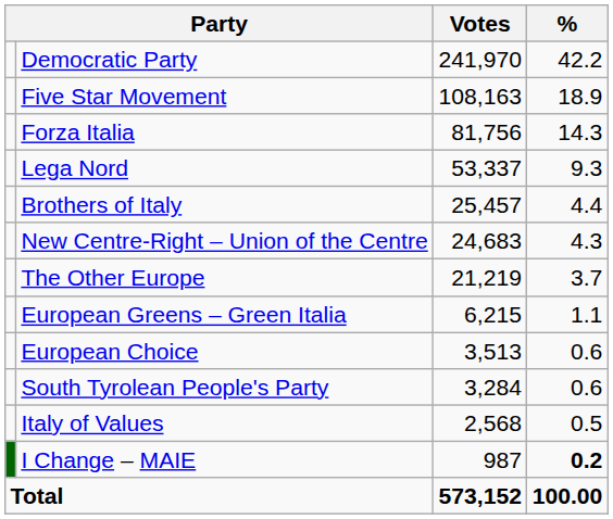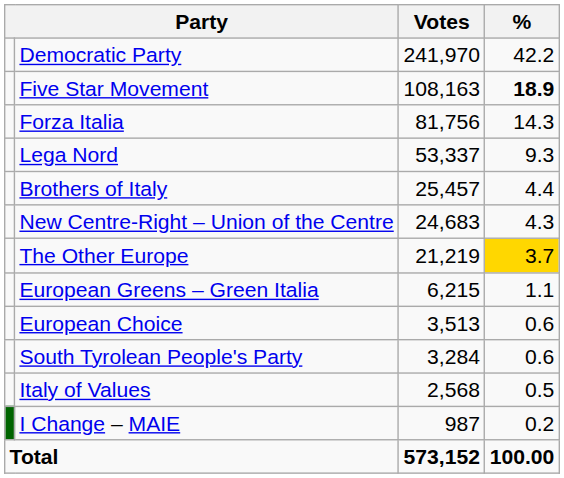 <table class="wikitable" style="font-size:95%">
 <tr>
 <th colspan=2>Party</th>
 <th>Votes</th>
 <th>%</th>
 </tr>
 <tr>
 <td></td>
 <td><a href='#'>Democratic Party</a></td>
 <td align=right>241,970</td>
 <td align=right>42.2</td>
 </tr>
 <tr>
 <td></td>
 <td><a href='#'>Five Star Movement</a></td>
 <td align=right>108,163</td>
-<td align=right>18.9</td>
+<td align=right><strong>18.9</strong></td>
 </tr>
 <tr>
 <td></td>
 <td><a href='#'>Forza Italia</a></td>
 <td align=right>81,756</td>
 <td align=right>14.3</td>
 </tr>
 <tr>
 <td></td>
 <td><a href='#'>Lega Nord</a></td>
 <td align=right>53,337</td>
 <td align=right>9.3</td>
 </tr>
 <tr>
 <td></td>
 <td><a href='#'>Brothers of Italy</a></td>
 <td align=right>25,457</td>
 <td align=right>4.4</td>
 </tr>
 <tr>
 <td></td>
 <td><a href='#'>New Centre-Right – Union of the Centre</a></td>
 <td align=right>24,683</td>
 <td align=right>4.3</td>
 </tr>
 <tr>
 <td></td>
 <td><a href='#'>The Other Europe</a></td>
 <td align=right>21,219</td>
-<td align=right>3.7</td>
+<td align=right style="background: gold;">3.7</td>
 </tr>
 <tr>
 <td></td>
 <td><a href='#'>European Greens – Green Italia</a></td>
 <td align=right>6,215</td>
 <td align=right>1.1</td>
 </tr>
 <tr>
 <td></td>
 <td><a href='#'>European Choice</a></td>
 <td align=right>3,513</td>
 <td align=right>0.6</td>
 </tr>
 <tr>
 <td></td>
 <td><a href='#'>South Tyrolean People's Party</a></td>
 <td align=right>3,284</td>
 <td align=right>0.6</td>
 </tr>
 <tr>
 <td></td>
 <td><a href='#'>Italy of Values</a></td>
 <td align=right>2,568</td>
 <td align=right>0.5</td>
 </tr>
 <tr>
 <td bgcolor="darkgreen"></td>
 <td><a href='#'>I Change</a> – <a href='#'>MAIE</a></td>
 <td align=right>987</td>
-<td align=right><strong>0.2</strong></td>
+<td align=right>0.2</td>
 </tr>
 <tr>
 <td colspan=2><strong>Total</strong></td>
 <td><strong>573,152</strong></td>
 <td><strong>100.00</strong></td>
 </tr>
 </table>
